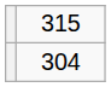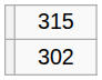 <table class="wikitable">
 <tr>
 <th></th>
 <td style="padding-left: 1em; padding-right: 1em">315</td>
 </tr>
 <tr>
 <th></th>
-<td style="padding-left: 1em; padding-right: 1em">304</td>
+<td style="padding-left: 1em; padding-right: 1em">302</td>
 </tr>
 </table>
